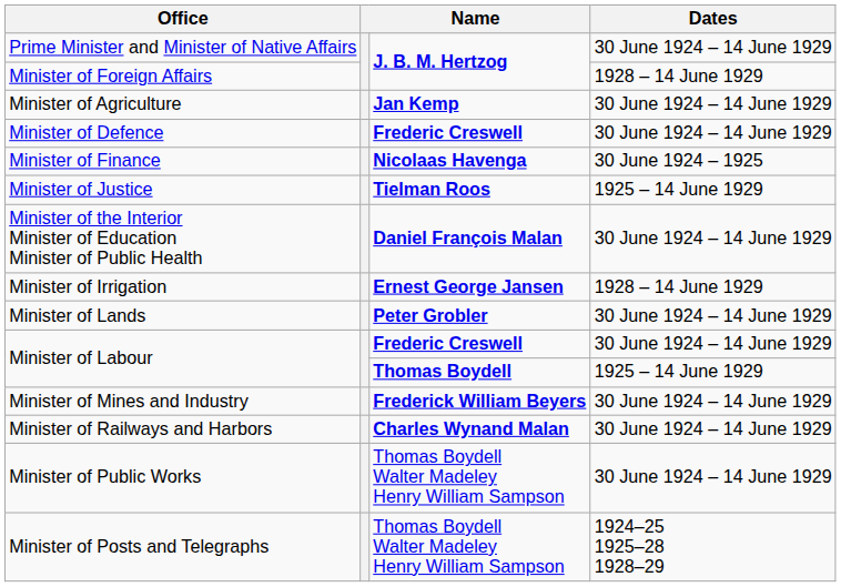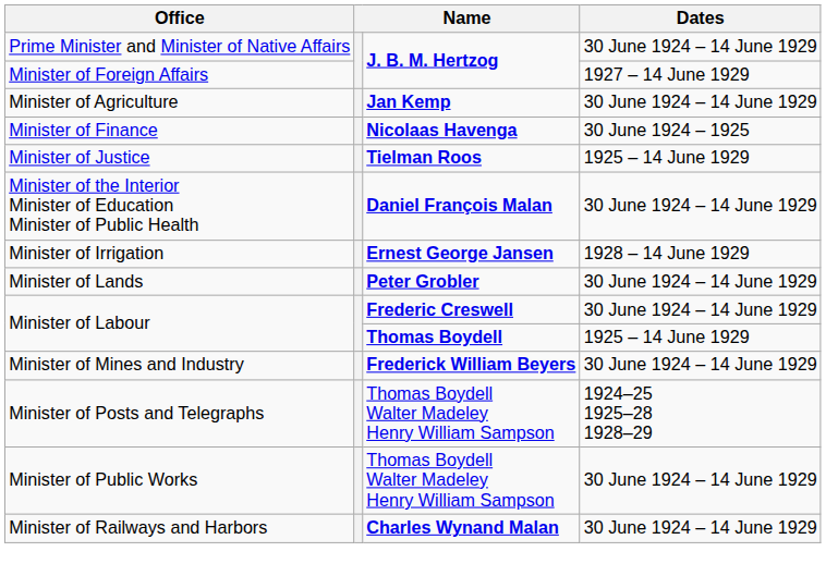 <table class="wikitable">
 <tr>
 <th>Office</th>
 <th colspan="2">Name</th>
 <th>Dates</th>
 </tr>
 <tr>
 <td><a href='#'>Prime Minister</a> and <a href='#'>Minister of Native Affairs</a></td>
 <th rowspan=2 style="background-color: "></th>
 <td rowspan=2><strong><a href='#'>J. B. M. Hertzog</a></strong></td>
 <td>30 June 1924 – 14 June 1929</td>
 </tr>
 <tr>
 <td><a href='#'>Minister of Foreign Affairs</a></td>
-<td>1928 – 14 June 1929</td>
+<td>1927 – 14 June 1929</td>
 </tr>
 <tr>
 <td>Minister of Agriculture</td>
 <th style="background-color: "></th>
 <td><strong><a href='#'>Jan Kemp</a></strong></td>
-<td>30 June 1924 – 14 June 1929</td>
-</tr>
-<tr>
-<td><a href='#'>Minister of Defence</a></td>
-<th style="background-color: "></th>
-<td><strong><a href='#'>Frederic Creswell</a></strong></td>
 <td>30 June 1924 – 14 June 1929</td>
 </tr>
 <tr>
 <td><a href='#'>Minister of Finance</a></td>
 <th style="background-color: "></th>
 <td><strong><a href='#'>Nicolaas Havenga</a></strong></td>
 <td>30 June 1924 – 1925</td>
 </tr>
 <tr>
 <td><a href='#'>Minister of Justice</a></td>
 <th style="background-color: "></th>
 <td><strong><a href='#'>Tielman Roos</a></strong></td>
 <td>1925 – 14 June 1929</td>
 </tr>
 <tr>
 <td><a href='#'>Minister of the Interior</a><br>Minister of Education<br>Minister of Public Health</td>
 <th style="background-color: "></th>
 <td><strong><a href='#'>Daniel François Malan</a></strong></td>
 <td>30 June 1924 – 14 June 1929</td>
 </tr>
 <tr>
 <td>Minister of Irrigation</td>
 <th style="background-color: "></th>
 <td><strong><a href='#'>Ernest George Jansen</a></strong></td>
 <td>1928 – 14 June 1929</td>
 </tr>
 <tr>
 <td>Minister of Lands</td>
 <th style="background-color: "></th>
 <td><strong><a href='#'>Peter Grobler</a></strong></td>
 <td>30 June 1924 – 14 June 1929</td>
 </tr>
 <tr>
 <td rowspan=2>Minister of Labour</td>
 <th rowspan=2 style="background-color: "></th>
 <td><strong><a href='#'>Frederic Creswell</a></strong></td>
 <td>30 June 1924 – 14 June 1929</td>
 </tr>
 <tr>
 <td><strong><a href='#'>Thomas Boydell</a></strong></td>
 <td>1925 – 14 June 1929</td>
 </tr>
 <tr>
 <td>Minister of Mines and Industry</td>
 <th style="background-color: "></th>
 <td><strong><a href='#'>Frederick William Beyers</a></strong></td>
 <td>30 June 1924 – 14 June 1929</td>
 </tr>
 <tr>
-<td>Minister of Railways and Harbors</td>
+<td>Minister of Posts and Telegraphs</td>
 <th style="background-color: "></th>
-<td><strong><a href='#'>Charles Wynand Malan</a></strong></td>
-<td>30 June 1924 – 14 June 1929</td>
+<td><a href='#'>Thomas Boydell</a><br><a href='#'>Walter Madeley</a> <br><a href='#'>Henry William Sampson</a></td>
+<td>1924–25<br>1925–28<br>1928–29</td>
 </tr>
 <tr>
 <td>Minister of Public Works</td>
 <th style="background-color: "></th>
 <td><a href='#'>Thomas Boydell</a><br><a href='#'>Walter Madeley</a><br><a href='#'>Henry William Sampson</a></td>
 <td>30 June 1924 – 14 June 1929</td>
 </tr>
 <tr>
-<td>Minister of Posts and Telegraphs</td>
+<td>Minister of Railways and Harbors</td>
 <th style="background-color: "></th>
-<td><a href='#'>Thomas Boydell</a><br><a href='#'>Walter Madeley</a> <br><a href='#'>Henry William Sampson</a></td>
-<td>1924–25<br>1925–28<br>1928–29</td>
+<td><strong><a href='#'>Charles Wynand Malan</a></strong></td>
+<td>30 June 1924 – 14 June 1929</td>
 </tr>
 </table>
